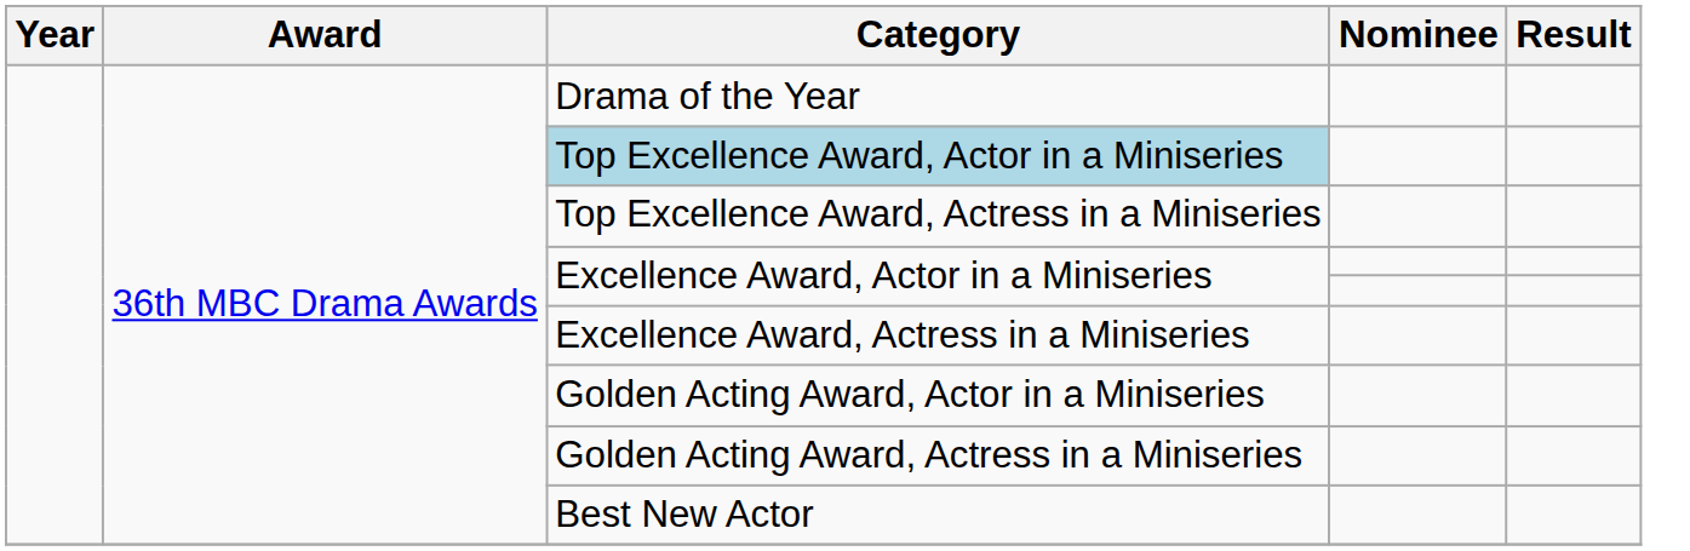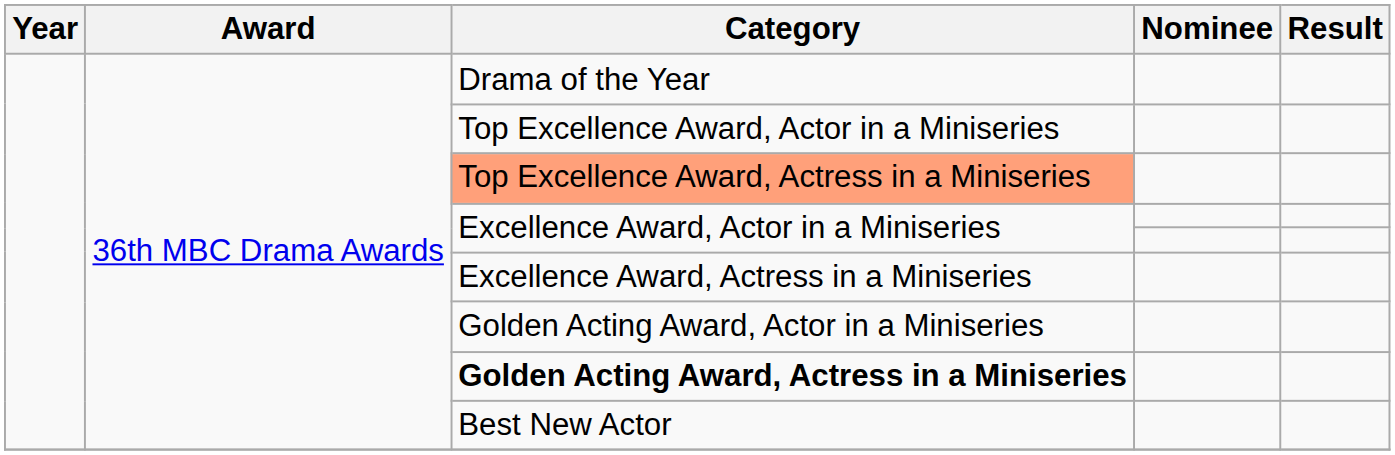 <table class="wikitable sortable">
 <tr>
 <th>Year</th>
 <th>Award</th>
 <th>Category</th>
 <th>Nominee</th>
 <th>Result</th>
 </tr>
 <tr>
 <td rowspan="9"></td>
 <td rowspan="9"><a href='#'>36th MBC Drama Awards</a></td>
 <td>Drama of the Year</td>
 <td></td>
 <td></td>
 </tr>
 <tr>
-<td style="background: lightblue;">Top Excellence Award, Actor in a Miniseries</td>
+<td>Top Excellence Award, Actor in a Miniseries</td>
 <td></td>
 <td></td>
 </tr>
 <tr>
-<td>Top Excellence Award, Actress in a Miniseries</td>
+<td style="background: lightsalmon;">Top Excellence Award, Actress in a Miniseries</td>
 <td></td>
 <td></td>
 </tr>
 <tr>
 <td rowspan="2">Excellence Award, Actor in a Miniseries</td>
 <td></td>
 <td></td>
 </tr>
 <tr>
 <td></td>
 <td></td>
 </tr>
 <tr>
 <td>Excellence Award, Actress in a Miniseries</td>
 <td></td>
 <td></td>
 </tr>
 <tr>
 <td>Golden Acting Award, Actor in a Miniseries</td>
 <td></td>
 <td></td>
 </tr>
 <tr>
-<td>Golden Acting Award, Actress in a Miniseries</td>
+<td><strong>Golden Acting Award, Actress in a Miniseries</strong></td>
 <td></td>
 <td></td>
 </tr>
 <tr>
 <td>Best New Actor</td>
 <td></td>
 <td></td>
 </tr>
 <tr>
 </tr>
 </table>
